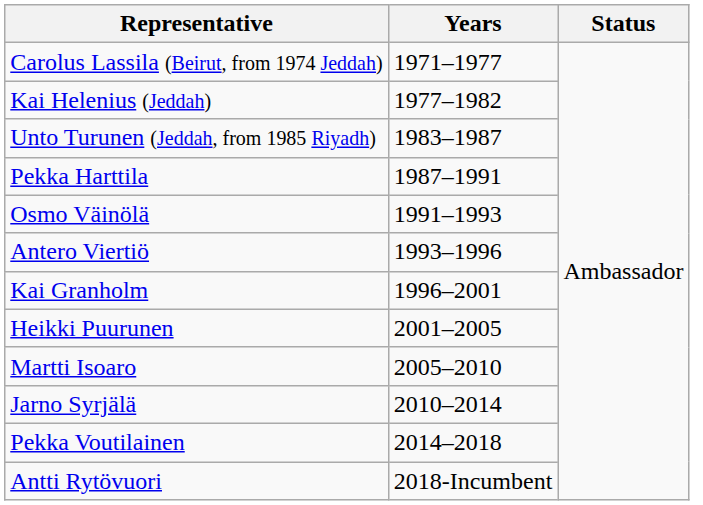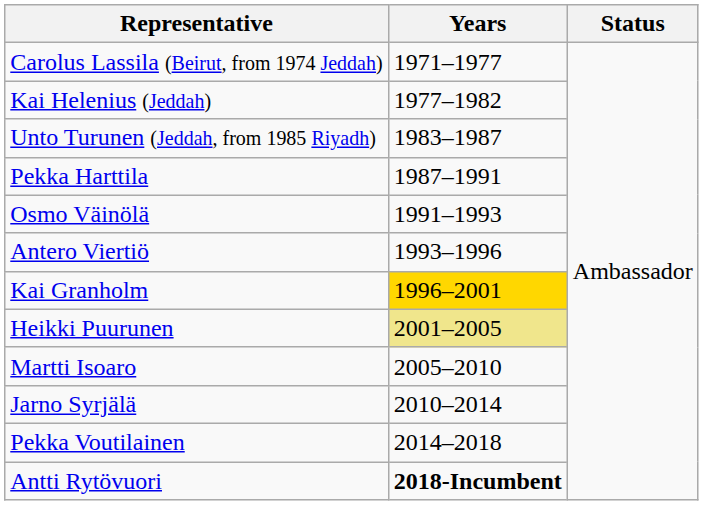 <table class="wikitable sortable">
 <tr>
 <th>Representative</th>
 <th>Years</th>
 <th>Status</th>
 </tr>
 <tr>
 <td><a href='#'>Carolus Lassila</a> <small>(<a href='#'>Beirut</a>, from 1974 <a href='#'>Jeddah</a>)</small></td>
 <td>1971–1977</td>
 <td rowspan="12">Ambassador</td>
 </tr>
 <tr>
 <td><a href='#'>Kai Helenius</a> <small>(<a href='#'>Jeddah</a>)</small></td>
 <td>1977–1982</td>
 </tr>
 <tr>
 <td><a href='#'>Unto Turunen</a> <small>(<a href='#'>Jeddah</a>, from 1985 <a href='#'>Riyadh</a>)</small></td>
 <td>1983–1987</td>
 </tr>
 <tr>
 <td><a href='#'>Pekka Harttila</a></td>
 <td>1987–1991</td>
 </tr>
 <tr>
 <td><a href='#'>Osmo Väinölä</a></td>
 <td>1991–1993</td>
 </tr>
 <tr>
 <td><a href='#'>Antero Viertiö</a></td>
 <td>1993–1996</td>
 </tr>
 <tr>
 <td><a href='#'>Kai Granholm</a></td>
-<td>1996–2001</td>
+<td style="background: gold;">1996–2001</td>
 </tr>
 <tr>
 <td><a href='#'>Heikki Puurunen</a></td>
-<td>2001–2005</td>
+<td style="background: khaki;">2001–2005</td>
 </tr>
 <tr>
 <td><a href='#'>Martti Isoaro</a></td>
 <td>2005–2010</td>
 </tr>
 <tr>
 <td><a href='#'>Jarno Syrjälä</a></td>
 <td>2010–2014</td>
 </tr>
 <tr>
 <td><a href='#'>Pekka Voutilainen</a></td>
 <td>2014–2018</td>
 </tr>
 <tr>
 <td><a href='#'>Antti Rytövuori</a></td>
-<td>2018-Incumbent</td>
+<td><strong>2018-Incumbent</strong></td>
 </tr>
 </table>
